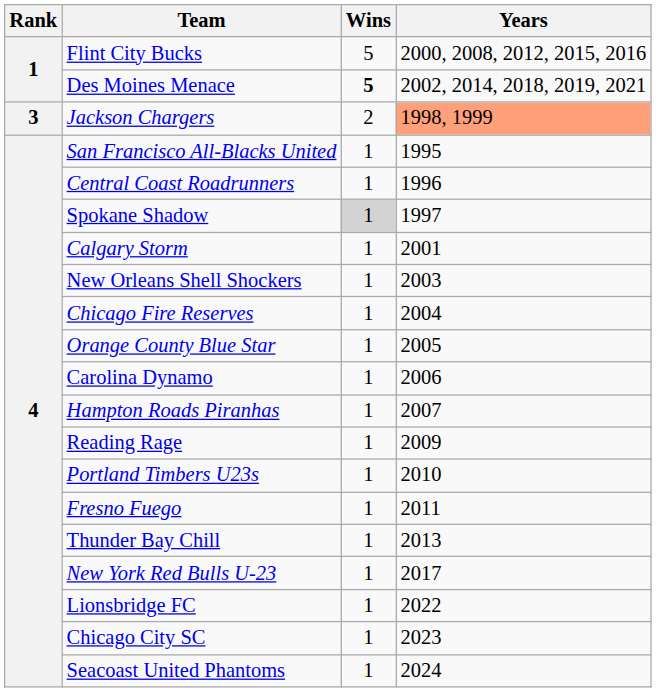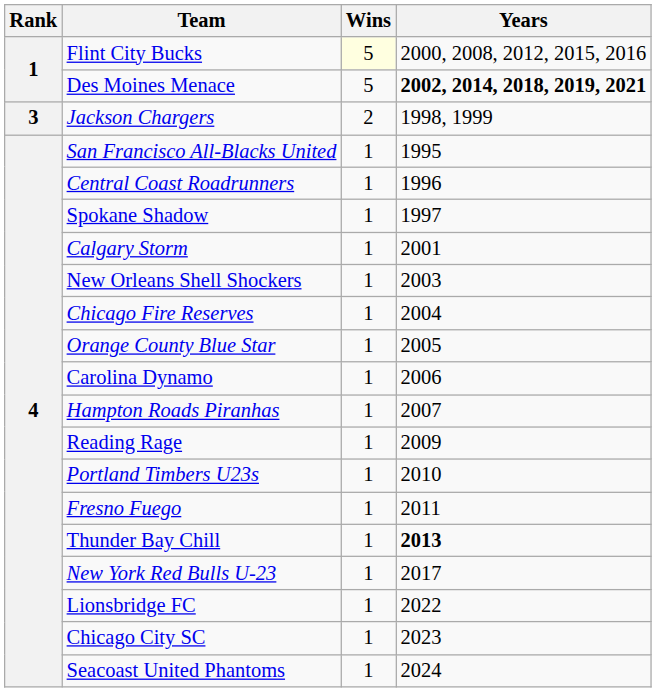 <table class="wikitable">
 <tr>
 <th>Rank</th>
 <th>Team</th>
 <th>Wins</th>
 <th>Years</th>
 </tr>
 <tr>
 <th rowspan=2>1</th>
 <td><a href='#'>Flint City Bucks</a></td>
-<td align=center>5</td>
+<td align=center style="background: lightyellow;">5</td>
 <td>2000, 2008, 2012, 2015, 2016</td>
 </tr>
 <tr>
 <td><a href='#'>Des Moines Menace</a></td>
-<td align=center><strong>5</strong></td>
-<td>2002, 2014, 2018, 2019, 2021</td>
+<td align=center>5</td>
+<td><strong>2002, 2014, 2018, 2019, 2021</strong></td>
 </tr>
 <tr>
 <th>3</th>
 <td><em><a href='#'>Jackson Chargers</a></em></td>
 <td align=center>2</td>
-<td style="background: lightsalmon;">1998, 1999</td>
+<td>1998, 1999</td>
 </tr>
 <tr>
 <th rowspan=17>4</th>
 <td><em><a href='#'>San Francisco All-Blacks United</a></em></td>
 <td align=center>1</td>
 <td>1995</td>
 </tr>
 <tr>
 <td><em><a href='#'>Central Coast Roadrunners</a></em></td>
 <td align=center>1</td>
 <td>1996</td>
 </tr>
 <tr>
 <td><a href='#'>Spokane Shadow</a></td>
-<td align=center style="background: lightgrey;">1</td>
+<td align=center>1</td>
 <td>1997</td>
 </tr>
 <tr>
 <td><em><a href='#'>Calgary Storm</a></em></td>
 <td align=center>1</td>
 <td>2001</td>
 </tr>
 <tr>
 <td><a href='#'>New Orleans Shell Shockers</a></td>
 <td align=center>1</td>
 <td>2003</td>
 </tr>
 <tr>
 <td><em><a href='#'>Chicago Fire Reserves</a></em></td>
 <td align=center>1</td>
 <td>2004</td>
 </tr>
 <tr>
 <td><em><a href='#'>Orange County Blue Star</a></em></td>
 <td align=center>1</td>
 <td>2005</td>
 </tr>
 <tr>
 <td><a href='#'>Carolina Dynamo</a></td>
 <td align=center>1</td>
 <td>2006</td>
 </tr>
 <tr>
 <td><em><a href='#'>Hampton Roads Piranhas</a></em></td>
 <td align=center>1</td>
 <td>2007</td>
 </tr>
 <tr>
 <td><a href='#'>Reading Rage</a></td>
 <td align=center>1</td>
 <td>2009</td>
 </tr>
 <tr>
 <td><em><a href='#'>Portland Timbers U23s</a></em></td>
 <td align=center>1</td>
 <td>2010</td>
 </tr>
 <tr>
 <td><em><a href='#'>Fresno Fuego</a></em></td>
 <td align=center>1</td>
 <td>2011</td>
 </tr>
 <tr>
 <td><a href='#'>Thunder Bay Chill</a></td>
 <td align=center>1</td>
-<td>2013</td>
+<td><strong>2013</strong></td>
 </tr>
 <tr>
 <td><em><a href='#'>New York Red Bulls U-23</a></em></td>
 <td align=center>1</td>
 <td>2017</td>
 </tr>
 <tr>
 <td><a href='#'>Lionsbridge FC</a></td>
 <td align=center>1</td>
 <td>2022</td>
 </tr>
 <tr>
 <td><a href='#'>Chicago City SC</a></td>
 <td align=center>1</td>
 <td>2023</td>
 </tr>
 <tr>
 <td><a href='#'>Seacoast United Phantoms</a></td>
 <td align=center>1</td>
 <td>2024</td>
 </tr>
 </table>
